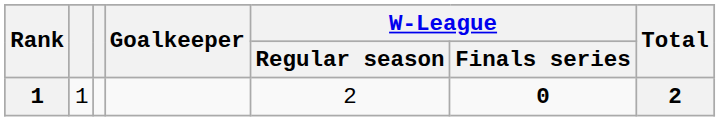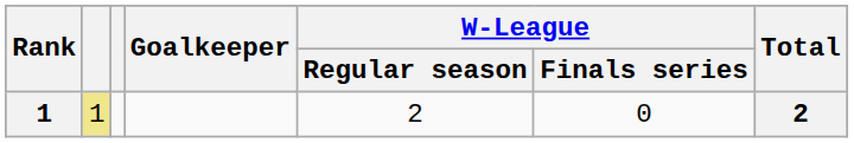 <table class="wikitable" style="text-align:center">
 <tr>
 <th rowspan="2">Rank</th>
 <th rowspan="2"></th>
 <th rowspan="2"></th>
 <th rowspan="2">Goalkeeper</th>
 <th colspan="2"><a href='#'>W-League</a></th>
 <th rowspan="2">Total</th>
 </tr>
 <tr>
 <th>Regular season</th>
 <th>Finals series</th>
 </tr>
 <tr>
 <th>1</th>
-<td>1</td>
+<td style="background: khaki;">1</td>
 <td></td>
 <td align="left"></td>
 <td>2</td>
-<td><strong>0</strong></td>
+<td>0</td>
 <th>2</th>
 </tr>
 </table>
